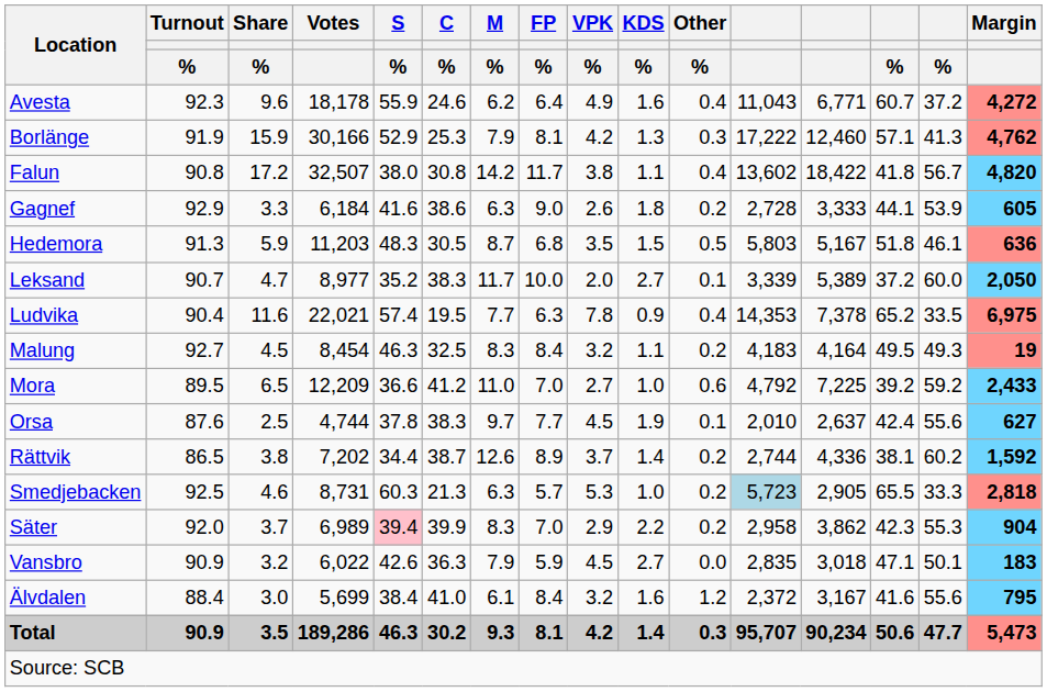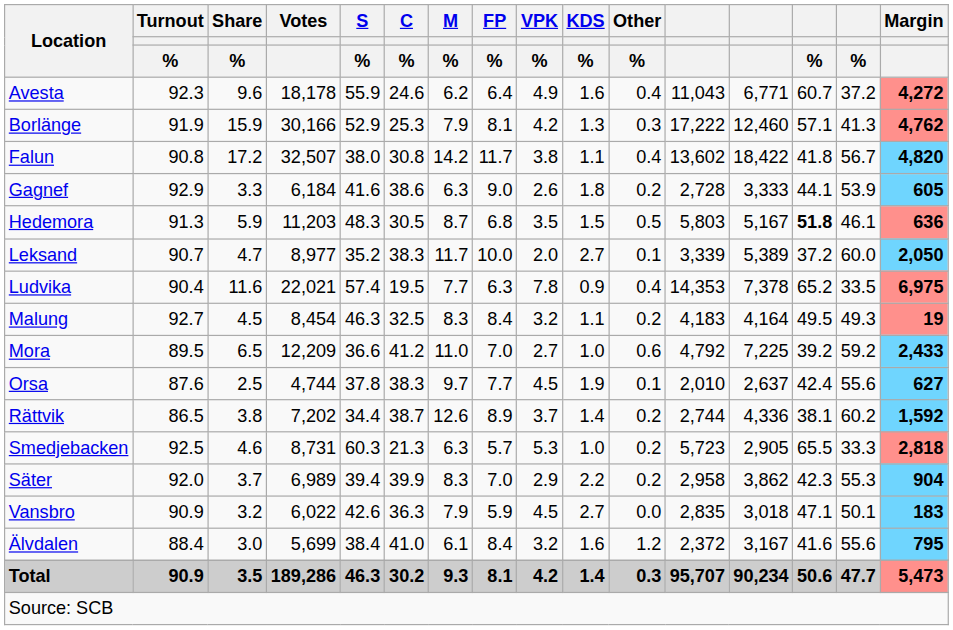 <table class="wikitable sortable" style="text-align:right; font-size:95%; line-height:20px;">
 <tr>
 <th rowspan="3">Location</th>
 <th>Turnout</th>
 <th>Share</th>
 <th>Votes</th>
 <th width="30px" class="unsortable"><a href='#'>S</a></th>
 <th width="30px" class="unsortable"><a href='#'>C</a></th>
 <th width="30px" class="unsortable"><a href='#'>M</a></th>
 <th width="30px" class="unsortable"><a href='#'>FP</a></th>
 <th width="30px" class="unsortable"><a href='#'>VPK</a></th>
 <th width="30px" class="unsortable"><a href='#'>KDS</a></th>
 <th width="30px" class="unsortable">Other</th>
 <th></th>
 <th></th>
 <th></th>
 <th></th>
 <th>Margin</th>
 </tr>
 <tr>
 <th></th>
 <th></th>
 <th></th>
 <th style="background:"></th>
 <th style="background:"></th>
 <th style="background:"></th>
 <th style="background:"></th>
 <th style="background:"></th>
 <th style="background:"></th>
 <th style="background:"></th>
 <th style="background:"></th>
 <th style="background:"></th>
 <th style="background:"></th>
 <th style="background:"></th>
 <th></th>
 </tr>
 <tr>
 <th data-sort-type="number">%</th>
 <th data-sort-type="number">%</th>
 <th></th>
 <th data-sort-type="number">%</th>
 <th data-sort-type="number">%</th>
 <th data-sort-type="number">%</th>
 <th data-sort-type="number">%</th>
 <th data-sort-type="number">%</th>
 <th data-sort-type="number">%</th>
 <th data-sort-type="number">%</th>
 <th data-sort-type="number"></th>
 <th data-sort-type="number"></th>
 <th data-sort-type="number">%</th>
 <th data-sort-type="number">%</th>
 <th data-sort-type="number"></th>
 </tr>
 <tr>
 <td align=left><a href='#'>Avesta</a></td>
 <td>92.3</td>
 <td>9.6</td>
 <td>18,178</td>
 <td>55.9</td>
 <td>24.6</td>
 <td>6.2</td>
 <td>6.4</td>
 <td>4.9</td>
 <td>1.6</td>
 <td>0.4</td>
 <td>11,043</td>
 <td>6,771</td>
 <td>60.7</td>
 <td>37.2</td>
 <td bgcolor=#ff908c><strong>4,272</strong></td>
 </tr>
 <tr>
 <td align=left><a href='#'>Borlänge</a></td>
 <td>91.9</td>
 <td>15.9</td>
 <td>30,166</td>
 <td>52.9</td>
 <td>25.3</td>
 <td>7.9</td>
 <td>8.1</td>
 <td>4.2</td>
 <td>1.3</td>
 <td>0.3</td>
 <td>17,222</td>
 <td>12,460</td>
 <td>57.1</td>
 <td>41.3</td>
 <td bgcolor=#ff908c><strong>4,762</strong></td>
 </tr>
 <tr>
 <td align=left><a href='#'>Falun</a></td>
 <td>90.8</td>
 <td>17.2</td>
 <td>32,507</td>
 <td>38.0</td>
 <td>30.8</td>
 <td>14.2</td>
 <td>11.7</td>
 <td>3.8</td>
 <td>1.1</td>
 <td>0.4</td>
 <td>13,602</td>
 <td>18,422</td>
 <td>41.8</td>
 <td>56.7</td>
 <td bgcolor=#6fd5fe><strong>4,820</strong></td>
 </tr>
 <tr>
 <td align=left><a href='#'>Gagnef</a></td>
 <td>92.9</td>
 <td>3.3</td>
 <td>6,184</td>
 <td>41.6</td>
 <td>38.6</td>
 <td>6.3</td>
 <td>9.0</td>
 <td>2.6</td>
 <td>1.8</td>
 <td>0.2</td>
 <td>2,728</td>
 <td>3,333</td>
 <td>44.1</td>
 <td>53.9</td>
 <td bgcolor=#6fd5fe><strong>605</strong></td>
 </tr>
 <tr>
 <td align=left><a href='#'>Hedemora</a></td>
 <td>91.3</td>
 <td>5.9</td>
 <td>11,203</td>
 <td>48.3</td>
 <td>30.5</td>
 <td>8.7</td>
 <td>6.8</td>
 <td>3.5</td>
 <td>1.5</td>
 <td>0.5</td>
 <td>5,803</td>
 <td>5,167</td>
-<td>51.8</td>
+<td><strong>51.8</strong></td>
 <td>46.1</td>
 <td bgcolor=#ff908c><strong>636</strong></td>
 </tr>
 <tr>
 <td align=left><a href='#'>Leksand</a></td>
 <td>90.7</td>
 <td>4.7</td>
 <td>8,977</td>
 <td>35.2</td>
 <td>38.3</td>
 <td>11.7</td>
 <td>10.0</td>
 <td>2.0</td>
 <td>2.7</td>
 <td>0.1</td>
 <td>3,339</td>
 <td>5,389</td>
 <td>37.2</td>
 <td>60.0</td>
 <td bgcolor=#6fd5fe><strong>2,050</strong></td>
 </tr>
 <tr>
 <td align=left><a href='#'>Ludvika</a></td>
 <td>90.4</td>
 <td>11.6</td>
 <td>22,021</td>
 <td>57.4</td>
 <td>19.5</td>
 <td>7.7</td>
 <td>6.3</td>
 <td>7.8</td>
 <td>0.9</td>
 <td>0.4</td>
 <td>14,353</td>
 <td>7,378</td>
 <td>65.2</td>
 <td>33.5</td>
 <td bgcolor=#ff908c><strong>6,975</strong></td>
 </tr>
 <tr>
 <td align=left><a href='#'>Malung</a></td>
 <td>92.7</td>
 <td>4.5</td>
 <td>8,454</td>
 <td>46.3</td>
 <td>32.5</td>
 <td>8.3</td>
 <td>8.4</td>
 <td>3.2</td>
 <td>1.1</td>
 <td>0.2</td>
 <td>4,183</td>
 <td>4,164</td>
 <td>49.5</td>
 <td>49.3</td>
 <td bgcolor=#ff908c><strong>19</strong></td>
 </tr>
 <tr>
 <td align=left><a href='#'>Mora</a></td>
 <td>89.5</td>
 <td>6.5</td>
 <td>12,209</td>
 <td>36.6</td>
 <td>41.2</td>
 <td>11.0</td>
 <td>7.0</td>
 <td>2.7</td>
 <td>1.0</td>
 <td>0.6</td>
 <td>4,792</td>
 <td>7,225</td>
 <td>39.2</td>
 <td>59.2</td>
 <td bgcolor=#6fd5fe><strong>2,433</strong></td>
 </tr>
 <tr>
 <td align=left><a href='#'>Orsa</a></td>
 <td>87.6</td>
 <td>2.5</td>
 <td>4,744</td>
 <td>37.8</td>
 <td>38.3</td>
 <td>9.7</td>
 <td>7.7</td>
 <td>4.5</td>
 <td>1.9</td>
 <td>0.1</td>
 <td>2,010</td>
 <td>2,637</td>
 <td>42.4</td>
 <td>55.6</td>
 <td bgcolor=#6fd5fe><strong>627</strong></td>
 </tr>
 <tr>
 <td align=left><a href='#'>Rättvik</a></td>
 <td>86.5</td>
 <td>3.8</td>
 <td>7,202</td>
 <td>34.4</td>
 <td>38.7</td>
 <td>12.6</td>
 <td>8.9</td>
 <td>3.7</td>
 <td>1.4</td>
 <td>0.2</td>
 <td>2,744</td>
 <td>4,336</td>
 <td>38.1</td>
 <td>60.2</td>
 <td bgcolor=#6fd5fe><strong>1,592</strong></td>
 </tr>
 <tr>
 <td align=left><a href='#'>Smedjebacken</a></td>
 <td>92.5</td>
 <td>4.6</td>
 <td>8,731</td>
 <td>60.3</td>
 <td>21.3</td>
 <td>6.3</td>
 <td>5.7</td>
 <td>5.3</td>
 <td>1.0</td>
 <td>0.2</td>
-<td style="background: lightblue;">5,723</td>
+<td>5,723</td>
 <td>2,905</td>
 <td>65.5</td>
 <td>33.3</td>
 <td bgcolor=#ff908c><strong>2,818</strong></td>
 </tr>
 <tr>
 <td align=left><a href='#'>Säter</a></td>
 <td>92.0</td>
 <td>3.7</td>
 <td>6,989</td>
-<td style="background: pink;">39.4</td>
+<td>39.4</td>
 <td>39.9</td>
 <td>8.3</td>
 <td>7.0</td>
 <td>2.9</td>
 <td>2.2</td>
 <td>0.2</td>
 <td>2,958</td>
 <td>3,862</td>
 <td>42.3</td>
 <td>55.3</td>
 <td bgcolor=#6fd5fe><strong>904</strong></td>
 </tr>
 <tr>
 <td align=left><a href='#'>Vansbro</a></td>
 <td>90.9</td>
 <td>3.2</td>
 <td>6,022</td>
 <td>42.6</td>
 <td>36.3</td>
 <td>7.9</td>
 <td>5.9</td>
 <td>4.5</td>
 <td>2.7</td>
 <td>0.0</td>
 <td>2,835</td>
 <td>3,018</td>
 <td>47.1</td>
 <td>50.1</td>
 <td bgcolor=#6fd5fe><strong>183</strong></td>
 </tr>
 <tr>
 <td align=left><a href='#'>Älvdalen</a></td>
 <td>88.4</td>
 <td>3.0</td>
 <td>5,699</td>
 <td>38.4</td>
 <td>41.0</td>
 <td>6.1</td>
 <td>8.4</td>
 <td>3.2</td>
 <td>1.6</td>
 <td>1.2</td>
 <td>2,372</td>
 <td>3,167</td>
 <td>41.6</td>
 <td>55.6</td>
 <td bgcolor=#6fd5fe><strong>795</strong></td>
 </tr>
 <tr>
 </tr>
 <tr style="background:#CDCDCD;">
 <td align=left><strong>Total</strong></td>
 <td><strong>90.9</strong></td>
 <td><strong>3.5</strong></td>
 <td><strong>189,286</strong></td>
 <td><strong>46.3</strong></td>
 <td><strong>30.2</strong></td>
 <td><strong>9.3</strong></td>
 <td><strong>8.1</strong></td>
 <td><strong>4.2</strong></td>
 <td><strong>1.4</strong></td>
 <td><strong>0.3</strong></td>
 <td><strong>95,707</strong></td>
 <td><strong>90,234</strong></td>
 <td><strong>50.6</strong></td>
 <td><strong>47.7</strong></td>
 <td bgcolor=#ff908c><strong>5,473</strong></td>
 </tr>
 <tr>
 <td align=left colspan=16>Source: SCB </td>
 </tr>
 </table>
